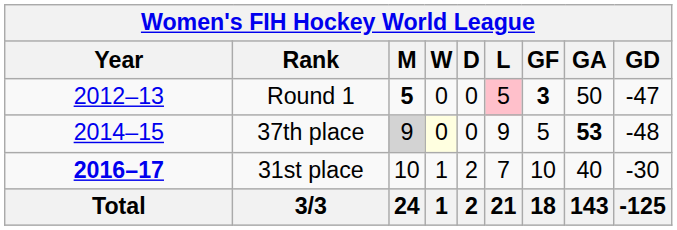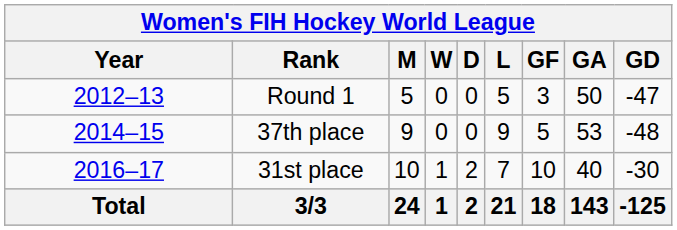 <table class="wikitable" style="text-align: center;font-size:100%;">
 <tr>
 <th colspan=9><a href='#'>Women's FIH Hockey World League</a></th>
 </tr>
 <tr>
 <th width=150>Year</th>
 <th width=100>Rank</th>
 <th>M</th>
 <th>W</th>
 <th>D</th>
 <th>L</th>
 <th>GF</th>
 <th>GA</th>
 <th>GD</th>
 </tr>
 <tr>
 <td><a href='#'>2012–13</a></td>
 <td>Round 1</td>
-<td><strong>5</strong></td>
+<td>5</td>
 <td>0</td>
 <td>0</td>
-<td style="background: pink;">5</td>
-<td><strong>3</strong></td>
+<td>5</td>
+<td>3</td>
 <td>50</td>
 <td>-47</td>
 </tr>
 <tr>
 <td><a href='#'>2014–15</a></td>
 <td>37th place</td>
-<td style="background: lightgrey;">9</td>
-<td style="background: lightyellow;">0</td>
+<td>9</td>
+<td>0</td>
 <td>0</td>
 <td>9</td>
 <td>5</td>
-<td><strong>53</strong></td>
+<td>53</td>
 <td>-48</td>
 </tr>
 <tr>
-<td><strong><a href='#'>2016–17</a></strong></td>
+<td><a href='#'>2016–17</a></td>
 <td>31st place</td>
 <td>10</td>
 <td>1</td>
 <td>2</td>
 <td>7</td>
 <td>10</td>
 <td>40</td>
 <td>-30</td>
 </tr>
 <tr>
 <th><strong>Total</strong></th>
 <th>3/3</th>
 <th>24</th>
 <th>1</th>
 <th>2</th>
 <th>21</th>
 <th>18</th>
 <th>143</th>
 <th>-125</th>
 </tr>
 </table>
